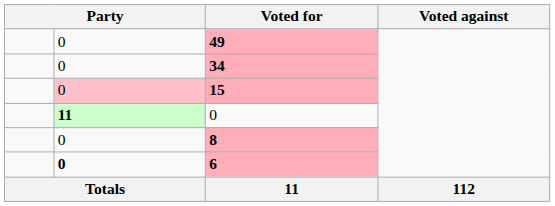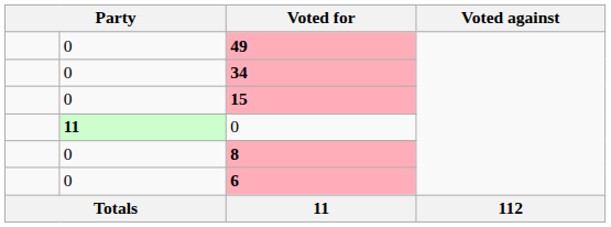 <table class="wikitable">
 <tr>
 <th width=200 colspan="2">Party</th>
 <th width=170>Voted for</th>
 <th width=170>Voted against</th>
 </tr>
 <tr>
 <td></td>
 <td>0</td>
 <td style="background-color:#FFAEB9;"><strong>49</strong></td>
 </tr>
 <tr>
 <td></td>
 <td>0</td>
 <td style="background-color:#FFAEB9;"><strong>34</strong></td>
 </tr>
 <tr>
 <td></td>
-<td style="background: pink;">0</td>
+<td>0</td>
 <td style="background-color:#FFAEB9;"><strong>15</strong></td>
 </tr>
 <tr>
 <td></td>
 <td style="background-color:#CCFFCC;"><strong>11</strong></td>
 <td>0</td>
 </tr>
 <tr>
 <td></td>
 <td>0</td>
 <td style="background-color:#FFAEB9;"><strong>8</strong></td>
 </tr>
 <tr>
 <td></td>
-<td><strong>0</strong></td>
+<td>0</td>
 <td style="background-color:#FFAEB9;"><strong>6</strong></td>
 </tr>
 <tr>
 <th colspan=2>Totals</th>
 <th>11</th>
 <th>112</th>
 </tr>
 </table>
